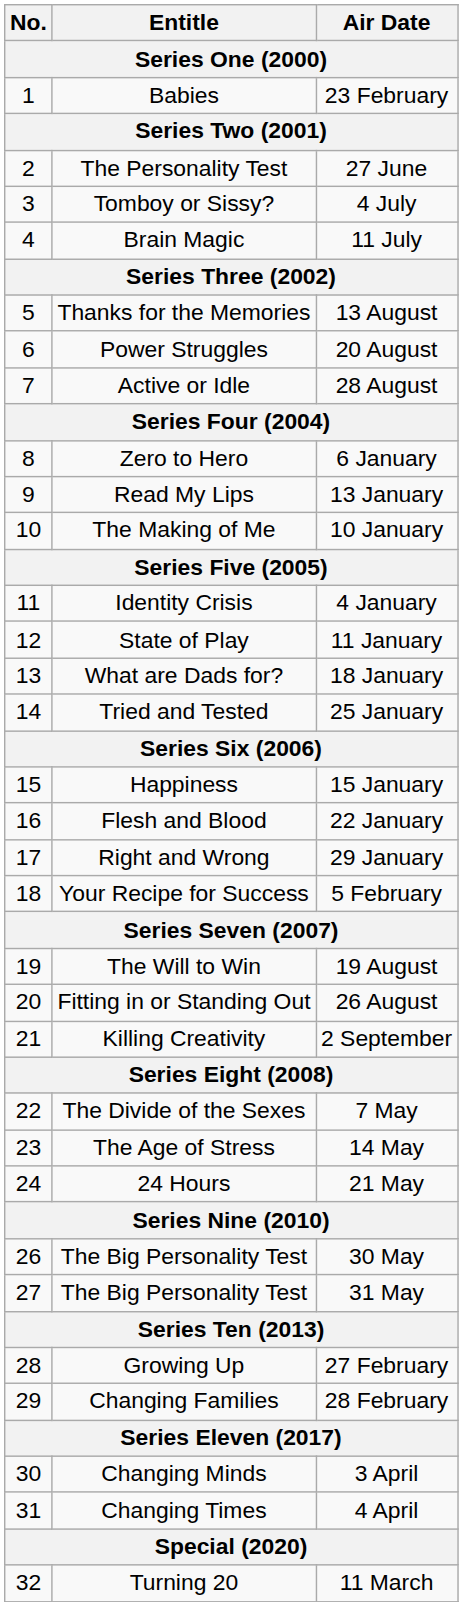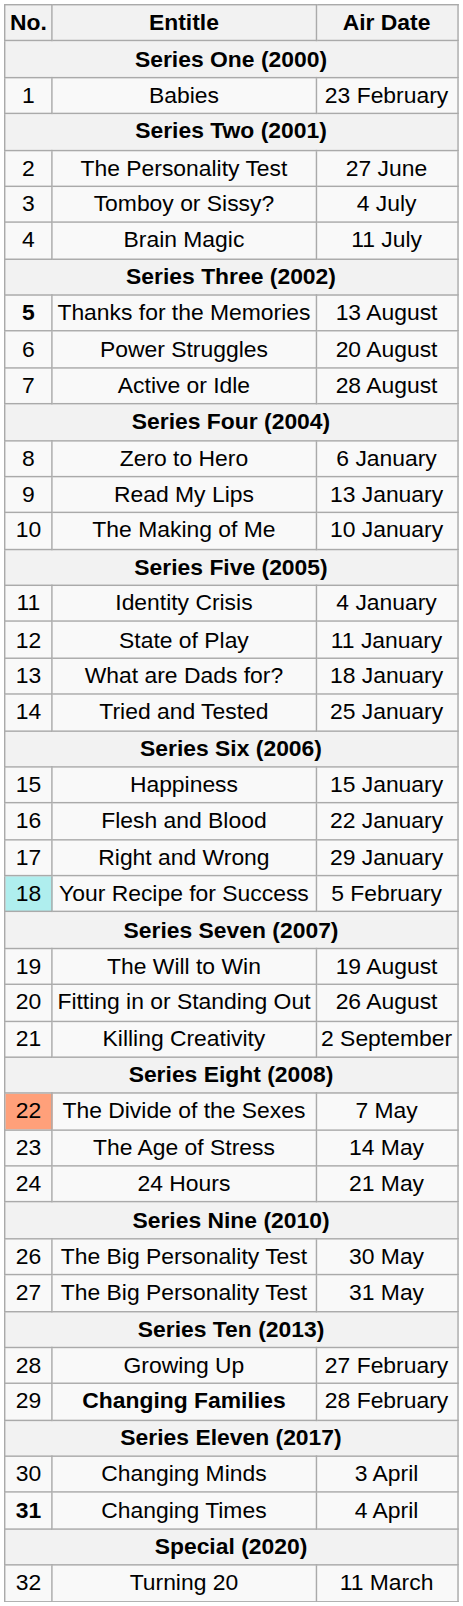 <table class="wikitable" style="text-align:center;">
 <tr>
 <th>No.</th>
 <th>Entitle</th>
 <th>Air Date</th>
 </tr>
 <tr>
 <th colspan=3>Series One (2000)</th>
 </tr>
 <tr>
 <td>1</td>
 <td>Babies</td>
 <td>23 February</td>
 </tr>
 <tr>
 <th colspan=3>Series Two (2001)</th>
 </tr>
 <tr>
 <td>2</td>
 <td>The Personality Test</td>
 <td>27 June</td>
 </tr>
 <tr>
 <td>3</td>
 <td>Tomboy or Sissy?</td>
 <td>4 July</td>
 </tr>
 <tr>
 <td>4</td>
 <td>Brain Magic</td>
 <td>11 July</td>
 </tr>
 <tr>
 <th colspan=3>Series Three (2002)</th>
 </tr>
 <tr>
-<td>5</td>
+<td><strong>5</strong></td>
 <td>Thanks for the Memories</td>
 <td>13 August</td>
 </tr>
 <tr>
 <td>6</td>
 <td>Power Struggles</td>
 <td>20 August</td>
 </tr>
 <tr>
 <td>7</td>
 <td>Active or Idle</td>
 <td>28 August</td>
 </tr>
 <tr>
 <th colspan=3>Series Four (2004)</th>
 </tr>
 <tr>
 <td>8</td>
 <td>Zero to Hero</td>
 <td>6 January</td>
 </tr>
 <tr>
 <td>9</td>
 <td>Read My Lips</td>
 <td>13 January</td>
 </tr>
 <tr>
 <td>10</td>
 <td>The Making of Me</td>
 <td>10 January</td>
 </tr>
 <tr>
 <th colspan=3>Series Five (2005)</th>
 </tr>
 <tr>
 <td>11</td>
 <td>Identity Crisis</td>
 <td>4 January</td>
 </tr>
 <tr>
 <td>12</td>
 <td>State of Play</td>
 <td>11 January</td>
 </tr>
 <tr>
 <td>13</td>
 <td>What are Dads for?</td>
 <td>18 January</td>
 </tr>
 <tr>
 <td>14</td>
 <td>Tried and Tested</td>
 <td>25 January</td>
 </tr>
 <tr>
 <th colspan=3>Series Six (2006)</th>
 </tr>
 <tr>
 <td>15</td>
 <td>Happiness</td>
 <td>15 January</td>
 </tr>
 <tr>
 <td>16</td>
 <td>Flesh and Blood</td>
 <td>22 January</td>
 </tr>
 <tr>
 <td>17</td>
 <td>Right and Wrong</td>
 <td>29 January</td>
 </tr>
 <tr>
-<td>18</td>
+<td style="background: paleturquoise;">18</td>
 <td>Your Recipe for Success</td>
 <td>5 February</td>
 </tr>
 <tr>
 <th colspan=3>Series Seven (2007)</th>
 </tr>
 <tr>
 <td>19</td>
 <td>The Will to Win</td>
 <td>19 August</td>
 </tr>
 <tr>
 <td>20</td>
 <td>Fitting in or Standing Out</td>
 <td>26 August</td>
 </tr>
 <tr>
 <td>21</td>
 <td>Killing Creativity</td>
 <td>2 September</td>
 </tr>
 <tr>
 <th colspan=3>Series Eight (2008)</th>
 </tr>
 <tr>
-<td>22</td>
+<td style="background: lightsalmon;">22</td>
 <td>The Divide of the Sexes</td>
 <td>7 May</td>
 </tr>
 <tr>
 <td>23</td>
 <td>The Age of Stress</td>
 <td>14 May</td>
 </tr>
 <tr>
 <td>24</td>
 <td>24 Hours</td>
 <td>21 May</td>
 </tr>
 <tr>
 <th colspan=3>Series Nine (2010)</th>
 </tr>
 <tr>
 <td>26</td>
 <td>The Big Personality Test</td>
 <td>30 May</td>
 </tr>
 <tr>
 <td>27</td>
 <td>The Big Personality Test</td>
 <td>31 May</td>
 </tr>
 <tr>
 <th colspan=3>Series Ten (2013)</th>
 </tr>
 <tr>
 <td>28</td>
 <td>Growing Up</td>
 <td>27 February</td>
 </tr>
 <tr>
 <td>29</td>
-<td>Changing Families</td>
+<td><strong>Changing Families</strong></td>
 <td>28 February</td>
 </tr>
 <tr>
 <th colspan=3>Series Eleven (2017)</th>
 </tr>
 <tr>
 <td>30</td>
 <td>Changing Minds</td>
 <td>3 April</td>
 </tr>
 <tr>
-<td>31</td>
+<td><strong>31</strong></td>
 <td>Changing Times</td>
 <td>4 April</td>
 </tr>
 <tr>
 <th colspan=3>Special (2020)</th>
 </tr>
 <tr>
 <td>32</td>
 <td>Turning 20</td>
 <td>11 March</td>
 </tr>
 <tr>
 </tr>
 </table>
